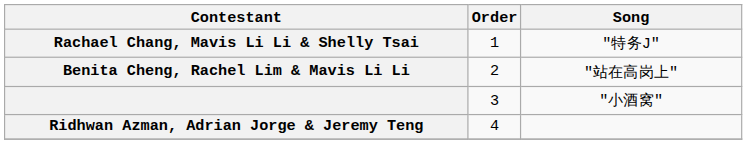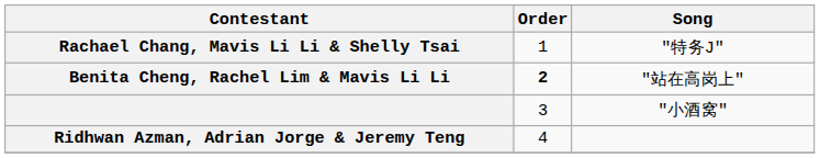 <table class="wikitable plainrowheaders" style="text-align:center;">
 <tr>
 <th scope="col" style="width:30em;">Contestant</th>
 <th scope="col">Order</th>
 <th scope="col" style="width:14em;">Song</th>
 </tr>
 <tr>
 <th scope="row">Rachael Chang, Mavis Li Li & Shelly Tsai</th>
 <td>1</td>
 <td>"特务J"</td>
 </tr>
 <tr>
 <th scope="row">Benita Cheng, Rachel Lim & Mavis Li Li</th>
-<td>2</td>
+<td><strong>2</strong></td>
 <td>"站在高岗上"</td>
 </tr>
 <tr>
 <th scope="row"></th>
 <td>3</td>
 <td>"小酒窝"</td>
 </tr>
 <tr>
 <th scope="row">Ridhwan Azman, Adrian Jorge & Jeremy Teng</th>
 <td>4</td>
 <td></td>
 </tr>
 <tr>
 </tr>
 </table>
